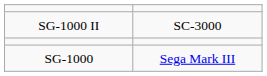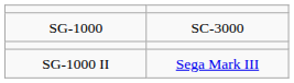 <table class="wikitable" style="float:left; margin-right:1em;">
 <tr>
 <td></td>
 <td></td>
 </tr>
 <tr>
-<td style="width:120px;text-align:center;"><small>SG-1000 II</small></td>
+<td style="width:120px;text-align:center;"><small>SG-1000</small></td>
 <td style="width:120px;text-align:center;"><small>SC-3000</small></td>
 </tr>
 <tr>
 <td></td>
 <td></td>
 </tr>
 <tr>
-<td style="width:120px;text-align:center;"><small>SG-1000</small></td>
+<td style="width:120px;text-align:center;"><small>SG-1000 II</small></td>
 <td style="width:120px;text-align:center;"><small><a href='#'>Sega Mark III</a></small></td>
 </tr>
 </table>
